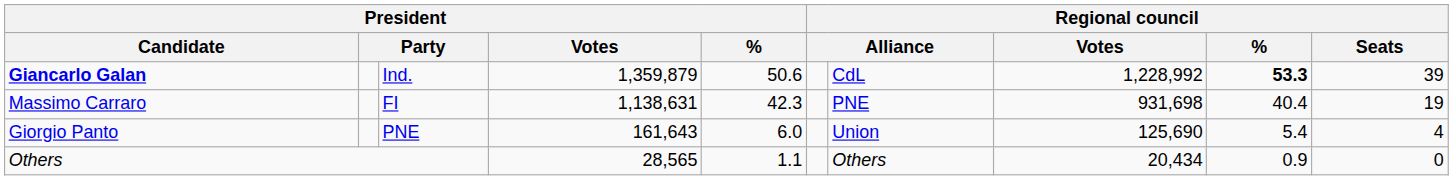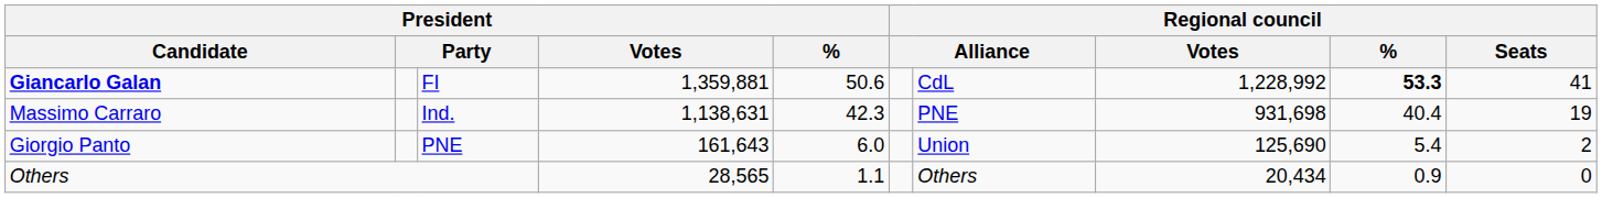 <table class="wikitable" style="text-align:right; style="width=65%">
 <tr>
 <th colspan="5">President</th>
 <th colspan="7">Regional council</th>
 </tr>
 <tr>
 <th>Candidate</th>
 <th colspan="2">Party</th>
 <th>Votes</th>
 <th>%</th>
 <th colspan="2">Alliance</th>
 <th>Votes</th>
 <th>%</th>
 <th>Seats</th>
 </tr>
 <tr>
 <td style="text-align:left"><strong><a href='#'>Giancarlo Galan</a></strong></td>
 <td></td>
-<td style="text-align:left"><a href='#'>Ind.</a></td>
-<td>1,359,879</td>
+<td style="text-align:left"><a href='#'>FI</a></td>
+<td>1,359,881</td>
 <td>50.6</td>
 <td></td>
 <td style="text-align:left"><a href='#'>CdL</a></td>
 <td>1,228,992</td>
 <td><strong>53.3</strong></td>
-<td>39</td>
+<td>41</td>
 </tr>
 <tr>
 <td style="text-align:left"><a href='#'>Massimo Carraro</a></td>
 <td></td>
-<td style="text-align:left"><a href='#'>FI</a></td>
+<td style="text-align:left"><a href='#'>Ind.</a></td>
 <td>1,138,631</td>
 <td>42.3</td>
 <td></td>
 <td style="text-align:left"><a href='#'>PNE</a></td>
 <td>931,698</td>
 <td>40.4</td>
 <td>19</td>
 </tr>
 <tr>
 <td style="text-align:left"><a href='#'>Giorgio Panto</a></td>
 <td></td>
 <td style="text-align:left"><a href='#'>PNE</a></td>
 <td>161,643</td>
 <td>6.0</td>
 <td></td>
 <td style="text-align:left"><a href='#'>Union</a></td>
 <td>125,690</td>
 <td>5.4</td>
-<td>4</td>
+<td>2</td>
 </tr>
 <tr>
 <td colspan="3" style="text-align:left"><em>Others</em></td>
 <td>28,565</td>
 <td>1.1</td>
 <td></td>
 <td style="text-align:left"><em>Others</em></td>
 <td>20,434</td>
 <td>0.9</td>
 <td>0</td>
 </tr>
 </table>
